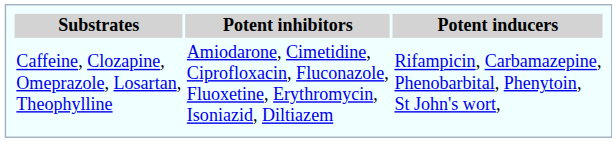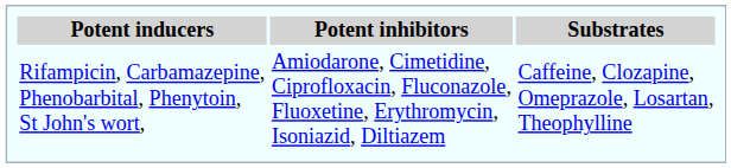 <table style="padding:0.3em; float:right; margin-left:5px; font-size: 80%; border:1px solid #A3B1BF;background:#F0FFFF;"|+ >
 <tr>
+<th bgcolor="#D3D3D3">Potent inducers</th>
+<th bgcolor="#D3D3D3">Potent inhibitors</th>
 <th bgcolor="#D3D3D3">Substrates</th>
-<th bgcolor="#D3D3D3">Potent inhibitors</th>
-<th bgcolor="#D3D3D3">Potent inducers</th>
 </tr>
 <tr>
+<td><a href='#'>Rifampicin</a>, <a href='#'>Carbamazepine</a>, <br><a href='#'>Phenobarbital</a>, <a href='#'>Phenytoin</a>, <br><a href='#'>St John's wort</a>,</td>
+<td><a href='#'>Amiodarone</a>, <a href='#'>Cimetidine</a>, <br><a href='#'>Ciprofloxacin</a>, <a href='#'>Fluconazole</a>,<br> <a href='#'>Fluoxetine</a>, <a href='#'>Erythromycin</a>, <br><a href='#'>Isoniazid</a>, <a href='#'>Diltiazem</a></td>
 <td><a href='#'>Caffeine</a>, <a href='#'>Clozapine</a>,<br> <a href='#'>Omeprazole</a>, <a href='#'>Losartan</a>,<br><a href='#'>Theophylline</a></td>
-<td><a href='#'>Amiodarone</a>, <a href='#'>Cimetidine</a>, <br><a href='#'>Ciprofloxacin</a>, <a href='#'>Fluconazole</a>,<br> <a href='#'>Fluoxetine</a>, <a href='#'>Erythromycin</a>, <br><a href='#'>Isoniazid</a>, <a href='#'>Diltiazem</a></td>
-<td><a href='#'>Rifampicin</a>, <a href='#'>Carbamazepine</a>, <br><a href='#'>Phenobarbital</a>, <a href='#'>Phenytoin</a>, <br><a href='#'>St John's wort</a>,</td>
 </tr>
 </table>
